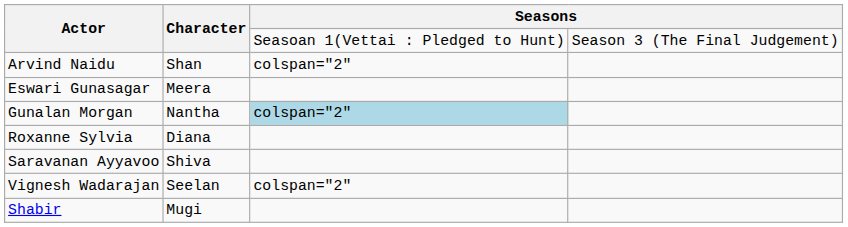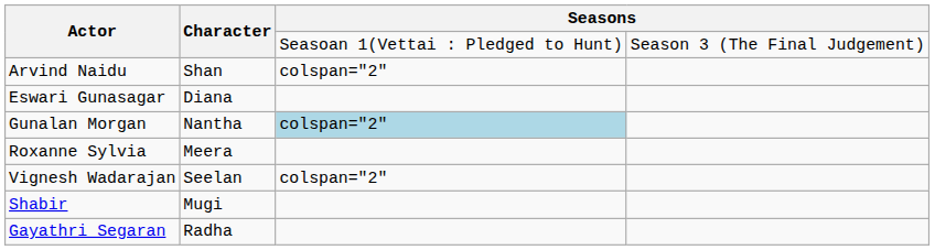 <table class="wikitable sortable">
 <tr>
 <th rowspan=2>Actor</th>
 <th rowspan=2>Character</th>
 <th ! colspan=2>Seasons</th>
 </tr>
 <tr>
 <td>Seasoan 1(Vettai : Pledged to Hunt)</td>
 <td>Season 3 (The Final Judgement)</td>
 </tr>
 <tr>
 <td>Arvind Naidu</td>
 <td>Shan</td>
 <td>colspan="2" </td>
 </tr>
 <tr>
 <td>Eswari Gunasagar</td>
-<td>Meera</td>
+<td>Diana</td>
 <td></td>
 <td></td>
 </tr>
 <tr>
 <td>Gunalan Morgan</td>
 <td>Nantha</td>
 <td style="background: lightblue;">colspan="2" </td>
 </tr>
 <tr>
 <td>Roxanne Sylvia</td>
-<td>Diana</td>
-<td></td>
-<td></td>
-</tr>
-<tr>
-<td>Saravanan Ayyavoo</td>
-<td>Shiva</td>
+<td>Meera</td>
 <td></td>
 <td></td>
 </tr>
 <tr>
 <td>Vignesh Wadarajan</td>
 <td>Seelan</td>
 <td>colspan="2" </td>
 </tr>
 <tr>
 <td><a href='#'>Shabir</a></td>
 <td>Mugi</td>
 <td></td>
 <td></td>
 </tr>
+<tr>
+<td><a href='#'>Gayathri Segaran</a></td>
+<td>Radha</td>
+<td></td>
+<td></td>
+</tr>
 </table>
